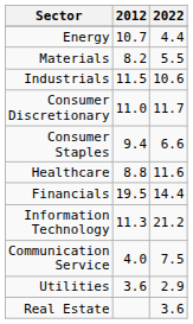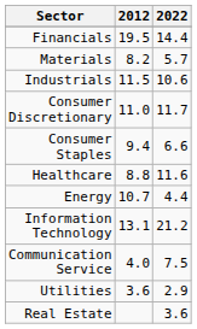 <table class="wikitable sortable" style="margin-left:auto; margin-right:auto; text-align:right">
 <tr>
 <th style="width:2em;">Sector</th>
 <th>2012</th>
 <th>2022</th>
 </tr>
 <tr style="font--3weight:bold;background:#f0f0f0">
 </tr>
 <tr>
-<td>Energy</td>
-<td>10.7</td>
-<td>4.4</td>
+<td>Financials</td>
+<td>19.5</td>
+<td>14.4</td>
 </tr>
 <tr>
 <td>Materials</td>
 <td>8.2</td>
-<td>5.5</td>
+<td>5.7</td>
 </tr>
 <tr>
 <td>Industrials</td>
 <td>11.5</td>
 <td>10.6</td>
 </tr>
 <tr>
 <td>Consumer Discretionary</td>
 <td>11.0</td>
 <td>11.7</td>
 </tr>
 <tr>
 <td>Consumer Staples</td>
 <td>9.4</td>
 <td>6.6</td>
 </tr>
 <tr>
 <td>Healthcare</td>
 <td>8.8</td>
 <td>11.6</td>
 </tr>
 <tr>
-<td>Financials</td>
-<td>19.5</td>
-<td>14.4</td>
+<td>Energy</td>
+<td>10.7</td>
+<td>4.4</td>
 </tr>
 <tr>
 <td>Information Technology</td>
-<td>11.3</td>
+<td>13.1</td>
 <td>21.2</td>
 </tr>
 <tr>
 <td>Communication Service</td>
 <td>4.0</td>
 <td>7.5</td>
 </tr>
 <tr>
 <td>Utilities</td>
 <td>3.6</td>
 <td>2.9</td>
 </tr>
 <tr>
 <td>Real Estate</td>
 <td></td>
 <td>3.6</td>
 </tr>
 </table>
